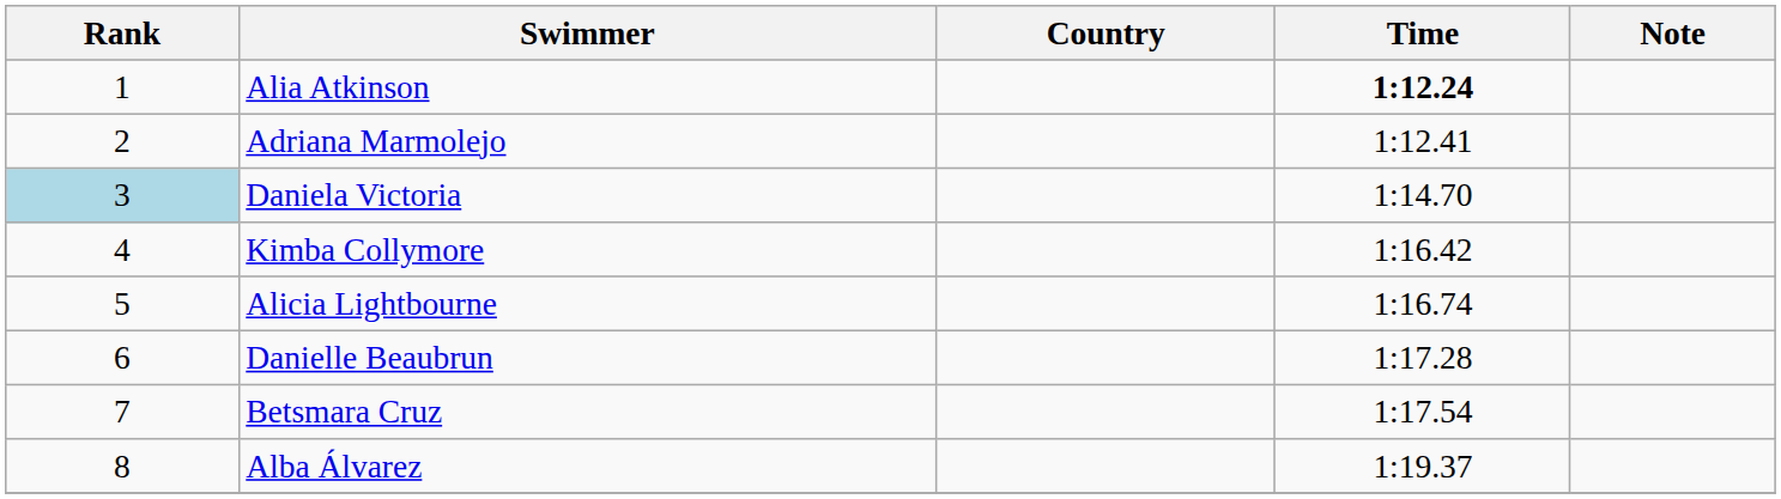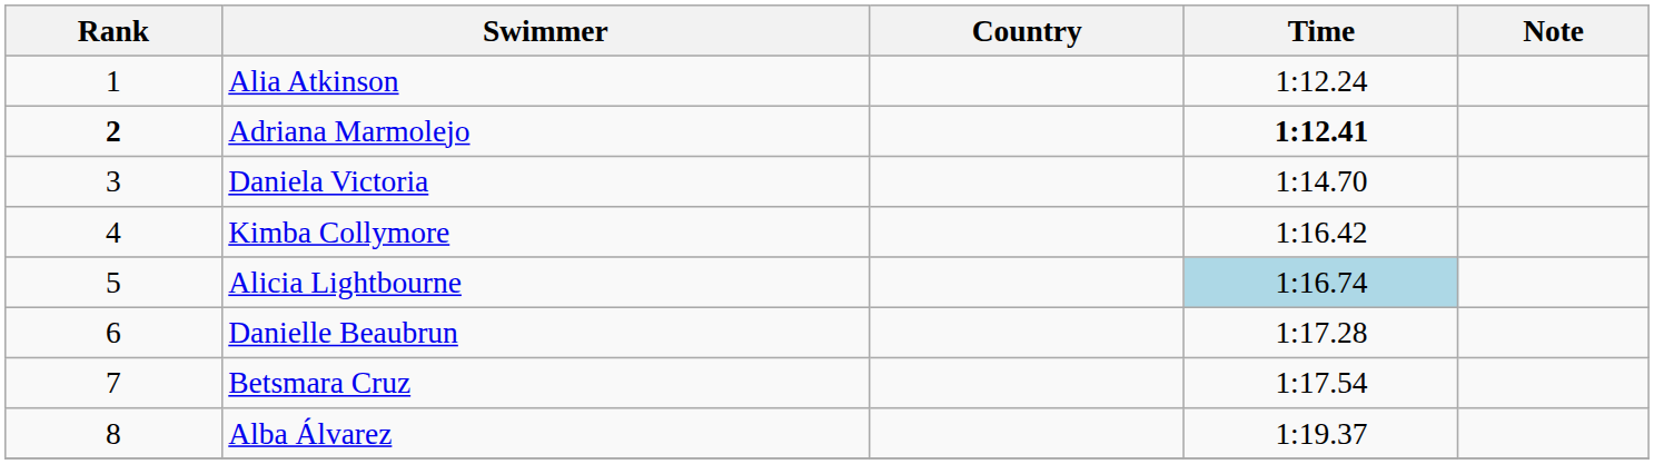 <table class="wikitable" style=" text-align:center; font-size:110%;" width="75%">
 <tr>
 <th>Rank</th>
 <th>Swimmer</th>
 <th>Country</th>
 <th>Time</th>
 <th>Note</th>
 </tr>
 <tr>
 <td>1</td>
 <td align=left><a href='#'>Alia Atkinson</a></td>
 <td align=left></td>
-<td><strong>1:12.24</strong></td>
+<td>1:12.24</td>
 <td></td>
 </tr>
 <tr>
-<td>2</td>
+<td><strong>2</strong></td>
 <td align=left><a href='#'>Adriana Marmolejo</a></td>
 <td align=left></td>
-<td>1:12.41</td>
+<td><strong>1:12.41</strong></td>
 <td></td>
 </tr>
 <tr>
-<td style="background: lightblue;">3</td>
+<td>3</td>
 <td align=left><a href='#'>Daniela Victoria</a></td>
 <td align=left></td>
 <td>1:14.70</td>
 <td></td>
 </tr>
 <tr>
 <td>4</td>
 <td align=left><a href='#'>Kimba Collymore</a></td>
 <td align=left></td>
 <td>1:16.42</td>
 <td></td>
 </tr>
 <tr>
 <td>5</td>
 <td align=left><a href='#'>Alicia Lightbourne</a></td>
 <td align=left></td>
-<td>1:16.74</td>
+<td style="background: lightblue;">1:16.74</td>
 <td></td>
 </tr>
 <tr>
 <td>6</td>
 <td align=left><a href='#'>Danielle Beaubrun</a></td>
 <td align=left></td>
 <td>1:17.28</td>
 <td></td>
 </tr>
 <tr>
 <td>7</td>
 <td align=left><a href='#'>Betsmara Cruz</a></td>
 <td align=left></td>
 <td>1:17.54</td>
 <td></td>
 </tr>
 <tr>
 <td>8</td>
 <td align=left><a href='#'>Alba Álvarez</a></td>
 <td align=left></td>
 <td>1:19.37</td>
 <td></td>
 </tr>
 <tr>
 </tr>
 </table>
